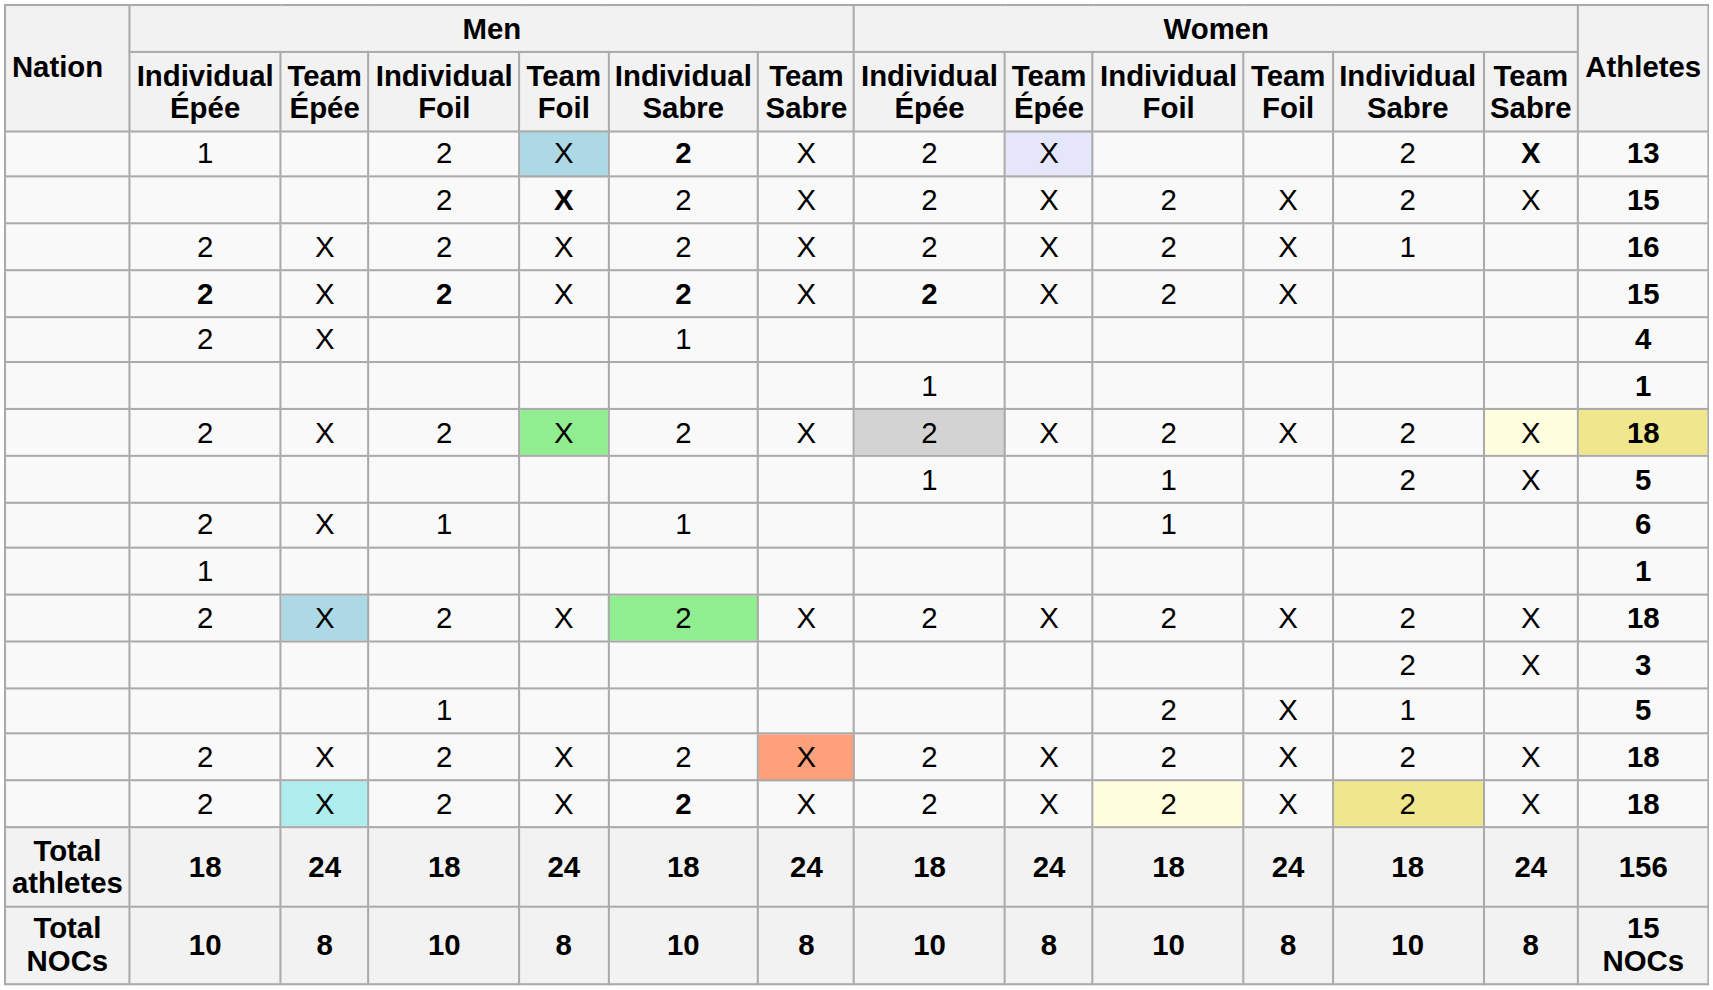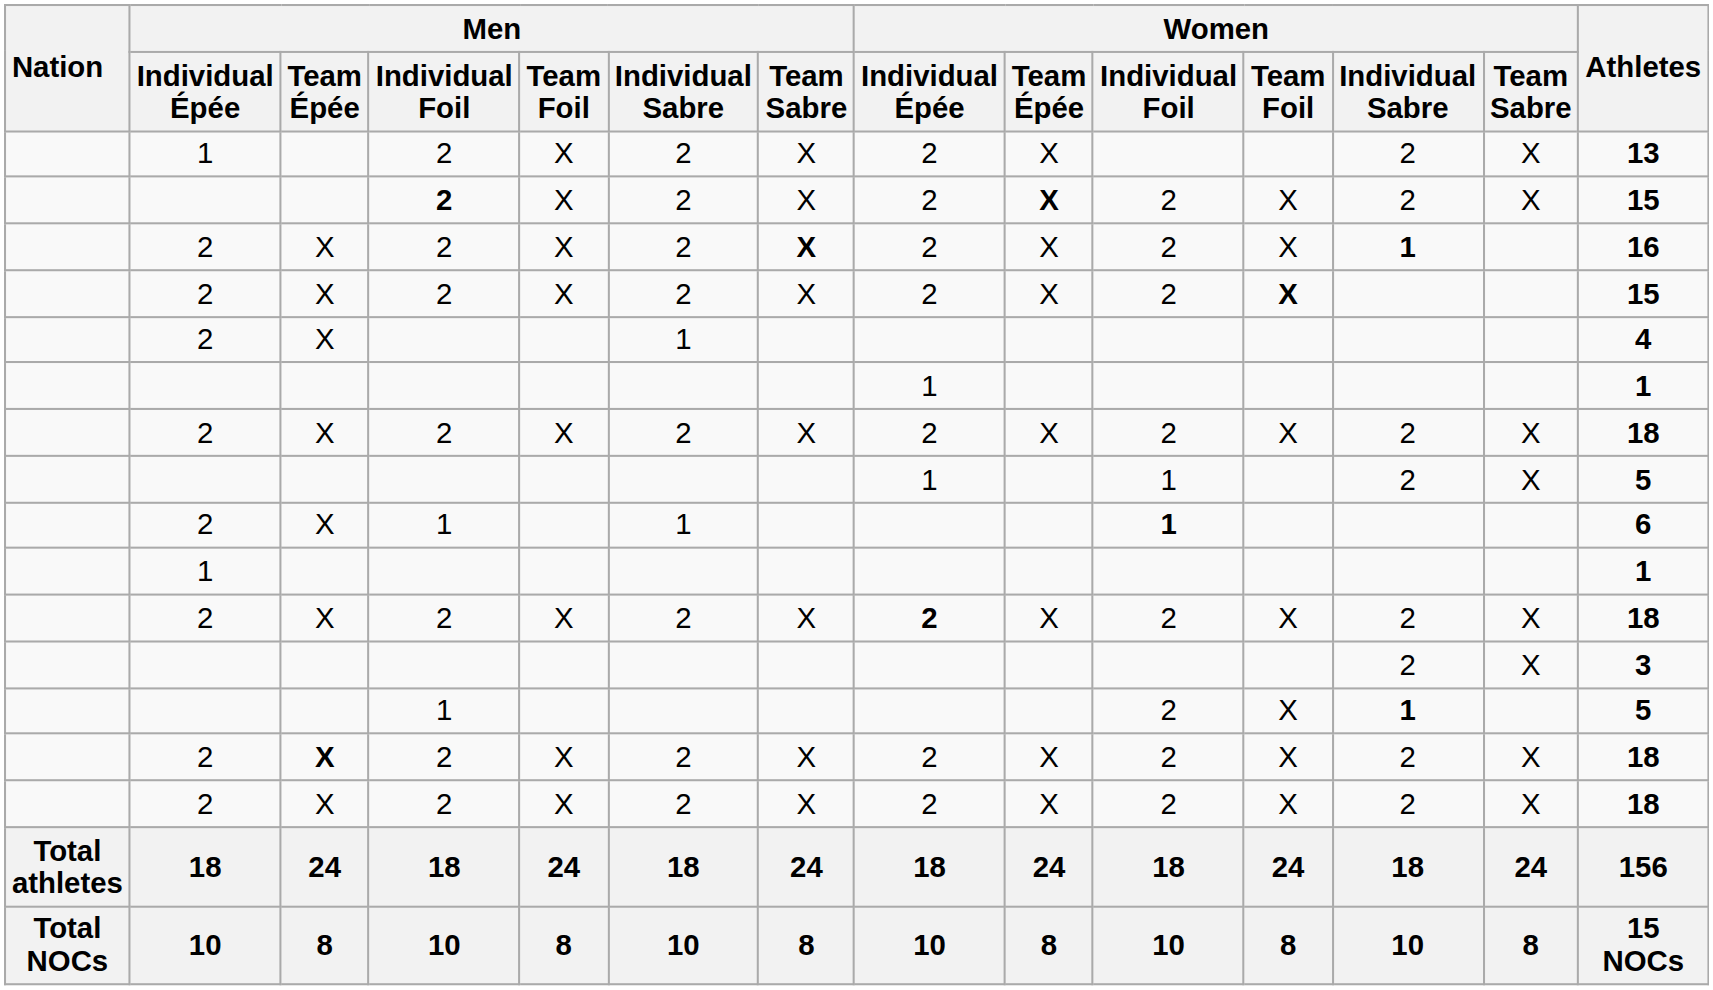 <table class="wikitable collapsible sortable" style="text-align:center; font-size:90%">
 <tr>
 <th rowspan="2" style="text-align:left;">Nation</th>
 <th colspan="6">Men</th>
 <th colspan="6">Women</th>
 <th rowspan=2>Athletes</th>
 </tr>
 <tr>
 <th style="width:2em">Individual Épée</th>
 <th style="width:2em">Team Épée</th>
 <th style="width:2em">Individual Foil</th>
 <th style="width:2em">Team Foil</th>
 <th style="width:2em">Individual Sabre</th>
 <th style="width:2em">Team Sabre</th>
 <th style="width:2em">Individual Épée</th>
 <th style="width:2em">Team Épée</th>
 <th style="width:2em">Individual Foil</th>
 <th style="width:2em">Team Foil</th>
 <th style="width:2em">Individual Sabre</th>
 <th style="width:2em">Team Sabre</th>
 </tr>
 <tr>
 <td style="text-align:left;"></td>
 <td>1</td>
 <td></td>
 <td>2</td>
-<td style="background: lightblue;">X</td>
-<td><strong>2</strong></td>
 <td>X</td>
 <td>2</td>
-<td style="background: lavender;">X</td>
+<td>X</td>
+<td>2</td>
+<td>X</td>
 <td></td>
 <td></td>
 <td>2</td>
-<td><strong>X</strong></td>
+<td>X</td>
 <td><strong>13</strong></td>
 </tr>
 <tr>
 <td style="text-align:left;"></td>
 <td></td>
 <td></td>
-<td>2</td>
-<td><strong>X</strong></td>
+<td><strong>2</strong></td>
+<td>X</td>
 <td>2</td>
 <td>X</td>
 <td>2</td>
-<td>X</td>
+<td><strong>X</strong></td>
 <td>2</td>
 <td>X</td>
 <td>2</td>
 <td>X</td>
 <td><strong>15</strong></td>
 </tr>
 <tr>
 <td style="text-align:left;"></td>
 <td>2</td>
 <td>X</td>
 <td>2</td>
 <td>X</td>
 <td>2</td>
+<td><strong>X</strong></td>
+<td>2</td>
+<td>X</td>
+<td>2</td>
+<td>X</td>
+<td><strong>1</strong></td>
+<td></td>
+<td><strong>16</strong></td>
+</tr>
+<tr>
+<td style="text-align:left;"></td>
+<td>2</td>
 <td>X</td>
 <td>2</td>
 <td>X</td>
 <td>2</td>
 <td>X</td>
-<td>1</td>
-<td></td>
-<td><strong>16</strong></td>
-</tr>
-<tr>
-<td style="text-align:left;"></td>
-<td><strong>2</strong></td>
-<td>X</td>
-<td><strong>2</strong></td>
-<td>X</td>
-<td><strong>2</strong></td>
-<td>X</td>
-<td><strong>2</strong></td>
+<td>2</td>
 <td>X</td>
 <td>2</td>
-<td>X</td>
+<td><strong>X</strong></td>
 <td></td>
 <td></td>
 <td><strong>15</strong></td>
 </tr>
 <tr>
 <td style="text-align:left;"></td>
 <td>2</td>
 <td>X</td>
 <td></td>
 <td></td>
 <td>1</td>
 <td></td>
 <td></td>
 <td></td>
 <td></td>
 <td></td>
 <td></td>
 <td></td>
 <td><strong>4</strong></td>
 </tr>
 <tr>
 <td style="text-align:left;"></td>
 <td></td>
 <td></td>
 <td></td>
 <td></td>
 <td></td>
 <td></td>
 <td>1</td>
 <td></td>
 <td></td>
 <td></td>
 <td></td>
 <td></td>
 <td><strong>1</strong></td>
 </tr>
 <tr>
 <td style="text-align:left;"></td>
 <td>2</td>
 <td>X</td>
 <td>2</td>
-<td style="background: lightgreen;">X</td>
-<td>2</td>
-<td>X</td>
-<td style="background: lightgrey;">2</td>
 <td>X</td>
 <td>2</td>
 <td>X</td>
 <td>2</td>
-<td style="background: lightyellow;">X</td>
-<td style="background: khaki;"><strong>18</strong></td>
+<td>X</td>
+<td>2</td>
+<td>X</td>
+<td>2</td>
+<td>X</td>
+<td><strong>18</strong></td>
 </tr>
 <tr>
 <td style="text-align:left;"></td>
 <td></td>
 <td></td>
 <td></td>
 <td></td>
 <td></td>
 <td></td>
 <td>1</td>
 <td></td>
 <td>1</td>
 <td></td>
 <td>2</td>
 <td>X</td>
 <td><strong>5</strong></td>
 </tr>
 <tr>
 <td style="text-align:left;"></td>
 <td>2</td>
 <td>X</td>
 <td>1</td>
 <td></td>
 <td>1</td>
 <td></td>
 <td></td>
 <td></td>
-<td>1</td>
+<td><strong>1</strong></td>
 <td></td>
 <td></td>
 <td></td>
 <td><strong>6</strong></td>
 </tr>
 <tr>
 <td style="text-align:left;"></td>
 <td>1</td>
 <td></td>
 <td></td>
 <td></td>
 <td></td>
 <td></td>
 <td></td>
 <td></td>
 <td></td>
 <td></td>
 <td></td>
 <td></td>
 <td><strong>1</strong></td>
 </tr>
 <tr>
 <td style="text-align:left;"></td>
 <td>2</td>
-<td style="background: lightblue;">X</td>
+<td>X</td>
 <td>2</td>
 <td>X</td>
-<td style="background: lightgreen;">2</td>
+<td>2</td>
 <td>X</td>
-<td>2</td>
+<td><strong>2</strong></td>
 <td>X</td>
 <td>2</td>
 <td>X</td>
 <td>2</td>
 <td>X</td>
 <td><strong>18</strong></td>
 </tr>
 <tr>
 <td style="text-align:left;"></td>
 <td></td>
 <td></td>
 <td></td>
 <td></td>
 <td></td>
 <td></td>
 <td></td>
 <td></td>
 <td></td>
 <td></td>
 <td>2</td>
 <td>X</td>
 <td><strong>3</strong></td>
 </tr>
 <tr>
 <td style="text-align:left;"></td>
 <td></td>
 <td></td>
 <td>1</td>
 <td></td>
 <td></td>
 <td></td>
 <td></td>
 <td></td>
 <td>2</td>
 <td>X</td>
-<td>1</td>
+<td><strong>1</strong></td>
 <td></td>
 <td><strong>5</strong></td>
 </tr>
 <tr>
 <td style="text-align:left;"></td>
 <td>2</td>
+<td><strong>X</strong></td>
+<td>2</td>
 <td>X</td>
 <td>2</td>
 <td>X</td>
-<td>2</td>
-<td style="background: lightsalmon;">X</td>
 <td>2</td>
 <td>X</td>
 <td>2</td>
 <td>X</td>
 <td>2</td>
 <td>X</td>
 <td><strong>18</strong></td>
 </tr>
 <tr>
 <td style="text-align:left;"></td>
 <td>2</td>
-<td style="background: paleturquoise;">X</td>
-<td>2</td>
-<td>X</td>
-<td><strong>2</strong></td>
 <td>X</td>
 <td>2</td>
 <td>X</td>
-<td style="background: lightyellow;">2</td>
+<td>2</td>
 <td>X</td>
-<td style="background: khaki;">2</td>
+<td>2</td>
+<td>X</td>
+<td>2</td>
+<td>X</td>
+<td>2</td>
 <td>X</td>
 <td><strong>18</strong></td>
 </tr>
 <tr class="sortbottom">
 <th>Total athletes</th>
 <th>18</th>
 <th>24</th>
 <th>18</th>
 <th>24</th>
 <th>18</th>
 <th>24</th>
 <th>18</th>
 <th>24</th>
 <th>18</th>
 <th>24</th>
 <th>18</th>
 <th>24</th>
 <th>156</th>
 </tr>
 <tr class="sortbottom">
 <th>Total  NOCs</th>
 <th>10</th>
 <th>8</th>
 <th>10</th>
 <th>8</th>
 <th>10</th>
 <th>8</th>
 <th>10</th>
 <th>8</th>
 <th>10</th>
 <th>8</th>
 <th>10</th>
 <th>8</th>
 <th>15 NOCs</th>
 </tr>
 </table>
